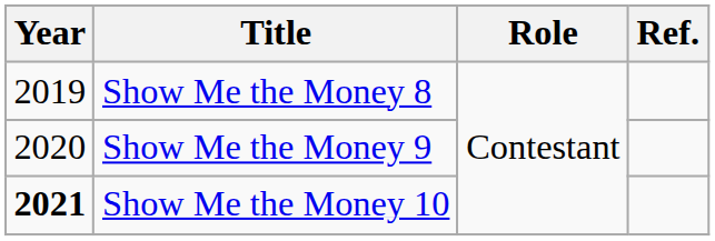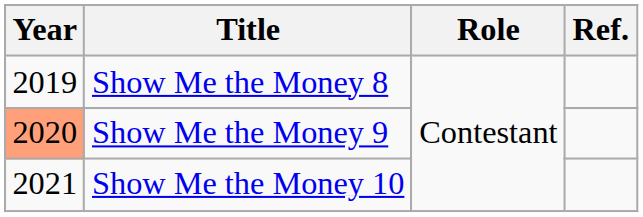 <table class="wikitable">
 <tr>
 <th>Year</th>
 <th>Title</th>
 <th>Role</th>
 <th>Ref.</th>
 </tr>
 <tr>
 <td>2019</td>
 <td><a href='#'>Show Me the Money 8</a></td>
 <td rowspan="3">Contestant</td>
 <td></td>
 </tr>
 <tr>
-<td>2020</td>
+<td style="background: lightsalmon;">2020</td>
 <td><a href='#'>Show Me the Money 9</a></td>
 <td></td>
 </tr>
 <tr>
-<td><strong>2021</strong></td>
+<td>2021</td>
 <td><a href='#'>Show Me the Money 10</a></td>
 <td></td>
 </tr>
 </table>
